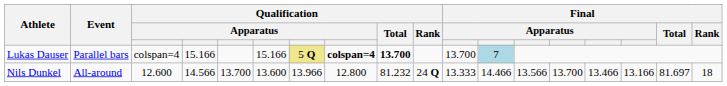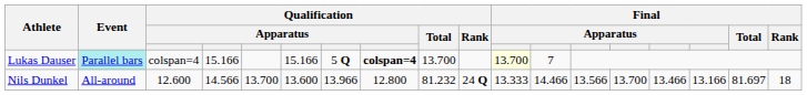 <table class="wikitable" style="font-size:90%">
 <tr>
 <th rowspan=3>Athlete</th>
 <th rowspan=3>Event</th>
 <th colspan =8>Qualification</th>
 <th colspan =8>Final</th>
 </tr>
 <tr style="font-size:95%">
 <th colspan=6>Apparatus</th>
 <th rowspan=2>Total</th>
 <th rowspan=2>Rank</th>
 <th colspan=6>Apparatus</th>
 <th rowspan=2>Total</th>
 <th rowspan=2>Rank</th>
 </tr>
 <tr style="font-size:95%">
 <th></th>
 <th></th>
 <th></th>
 <th></th>
 <th></th>
 <th></th>
 <th></th>
 <th></th>
 <th></th>
 <th></th>
 <th></th>
 <th></th>
 </tr>
 <tr align=center>
 <td align=left><a href='#'>Lukas Dauser</a></td>
-<td align=left><a href='#'>Parallel bars</a></td>
+<td align=left style="background: paleturquoise;"><a href='#'>Parallel bars</a></td>
 <td>colspan=4</td>
 <td>15.166</td>
 <td></td>
 <td>15.166</td>
-<td style="background: khaki;">5 <strong>Q</strong></td>
+<td>5 <strong>Q</strong></td>
 <td><strong>colspan=4</strong></td>
-<td><strong>13.700</strong></td>
+<td>13.700</td>
 <td></td>
-<td>13.700</td>
-<td style="background: lightblue;">7</td>
+<td style="background: lightyellow;">13.700</td>
+<td>7</td>
 </tr>
 <tr align=center>
 <td align=left><a href='#'>Nils Dunkel</a></td>
 <td align=left><a href='#'>All-around</a></td>
 <td>12.600</td>
 <td>14.566</td>
 <td>13.700</td>
 <td>13.600</td>
 <td>13.966</td>
 <td>12.800</td>
 <td>81.232</td>
 <td>24 <strong>Q</strong></td>
 <td>13.333</td>
 <td>14.466</td>
 <td>13.566</td>
 <td>13.700</td>
 <td>13.466</td>
 <td>13.166</td>
 <td>81.697</td>
 <td>18</td>
 </tr>
 </table>
